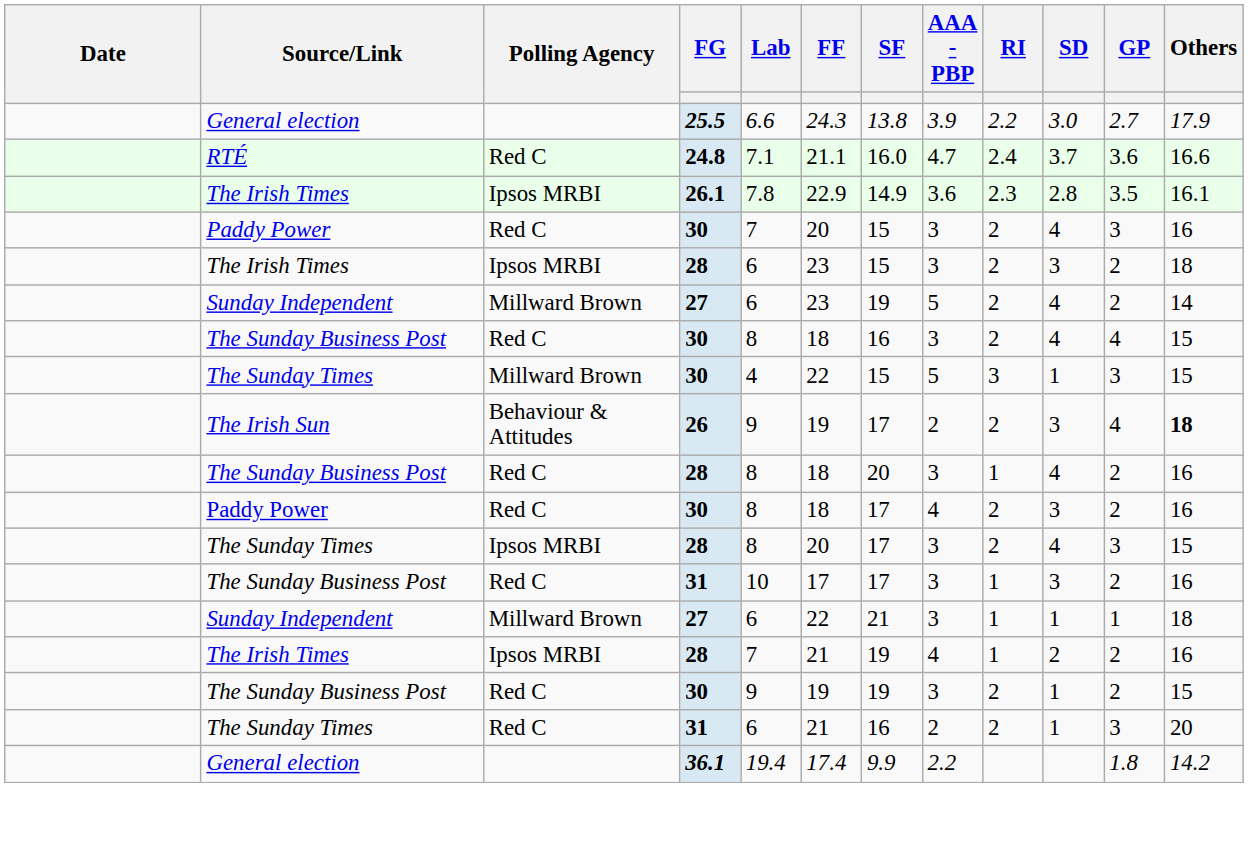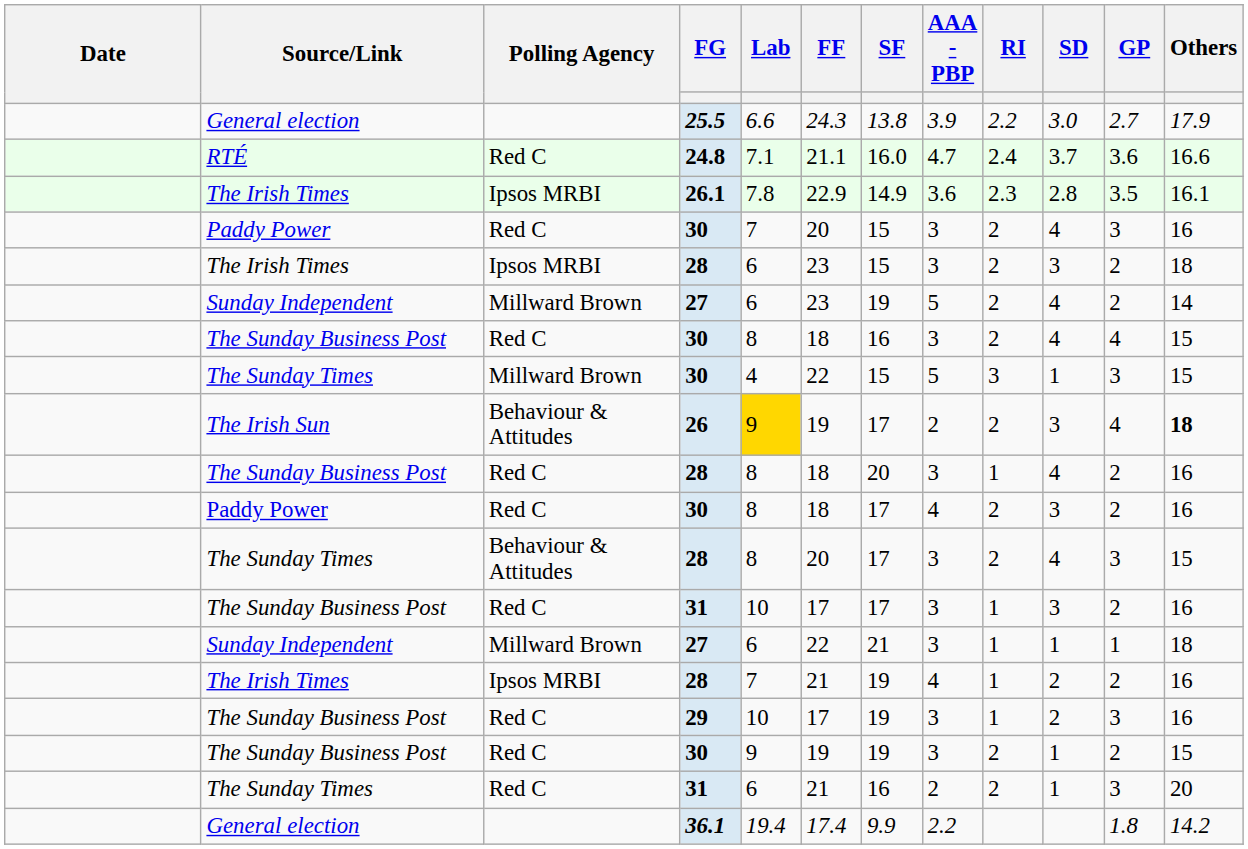 <table class="wikitable sortable collapsible">
 <tr style="height:42px;">
 <th style="width:130px;" rowspan="2">Date</th>
 <th style="width:190px;" rowspan="2">Source/Link</th>
 <th style="width:130px;" rowspan="2">Polling Agency</th>
 <th style="width:35px;"><a href='#'>FG</a></th>
 <th style="width:35px;"><a href='#'>Lab</a></th>
 <th style="width:35px;"><a href='#'>FF</a></th>
 <th style="width:35px;"><a href='#'>SF</a></th>
 <th style="width:35px;"><a href='#'>AAA -PBP</a></th>
 <th style="width:35px;"><a href='#'>RI</a></th>
 <th style="width:35px;"><a href='#'>SD</a></th>
 <th style="width:35px;"><a href='#'>GP</a></th>
 <th style="width:40px;">Others</th>
 </tr>
 <tr>
 <th style="color:inherit;background:"></th>
 <th style="color:inherit;background:"></th>
 <th style="color:inherit;background:"></th>
 <th style="color:inherit;background:"></th>
 <th style="color:inherit;background:"></th>
 <th style="color:inherit;background:"></th>
 <th style="color:inherit;background:"></th>
 <th style="color:inherit;background:"></th>
 <th style="color:inherit;background:"></th>
 </tr>
 <tr>
 <td><em></em></td>
 <td><em><a href='#'>General election</a></em></td>
 <td></td>
 <td style="background:#D9E9F4"><strong><em>25.5</em></strong></td>
 <td><em>6.6</em></td>
 <td><em>24.3</em></td>
 <td><em>13.8</em></td>
 <td><em>3.9</em></td>
 <td><em>2.2</em></td>
 <td><em>3.0</em></td>
 <td><em>2.7</em></td>
 <td><em>17.9</em></td>
 </tr>
 <tr style="background:#EAFFEA;">
 <td></td>
 <td><em><a href='#'>RTÉ</a></em></td>
 <td>Red C</td>
 <td style="background:#D9E9F4"><strong>24.8</strong></td>
 <td>7.1</td>
 <td>21.1</td>
 <td>16.0</td>
 <td>4.7</td>
 <td>2.4</td>
 <td>3.7</td>
 <td>3.6</td>
 <td>16.6</td>
 </tr>
 <tr style="background:#EAFFEA;">
 <td></td>
 <td><em><a href='#'>The Irish Times</a></em></td>
 <td>Ipsos MRBI</td>
 <td style="background:#D9E9F4"><strong>26.1</strong></td>
 <td>7.8</td>
 <td>22.9</td>
 <td>14.9</td>
 <td>3.6</td>
 <td>2.3</td>
 <td>2.8</td>
 <td>3.5</td>
 <td>16.1</td>
 </tr>
 <tr>
 <td></td>
 <td><em><a href='#'>Paddy Power</a></em></td>
 <td>Red C</td>
 <td style="background:#D9E9F4"><strong>30</strong></td>
 <td>7</td>
 <td>20</td>
 <td>15</td>
 <td>3</td>
 <td>2</td>
 <td>4</td>
 <td>3</td>
 <td>16</td>
 </tr>
 <tr>
 <td></td>
 <td><em>The Irish Times</em></td>
 <td>Ipsos MRBI</td>
 <td style="background:#D9E9F4"><strong>28</strong></td>
 <td>6</td>
 <td>23</td>
 <td>15</td>
 <td>3</td>
 <td>2</td>
 <td>3</td>
 <td>2</td>
 <td>18</td>
 </tr>
 <tr>
 <td></td>
 <td><em><a href='#'>Sunday Independent</a></em></td>
 <td>Millward Brown</td>
 <td style="background:#D9E9F4"><strong>27</strong></td>
 <td>6</td>
 <td>23</td>
 <td>19</td>
 <td>5</td>
 <td>2</td>
 <td>4</td>
 <td>2</td>
 <td>14</td>
 </tr>
 <tr>
 <td></td>
 <td><em><a href='#'>The Sunday Business Post</a></em></td>
 <td>Red C</td>
 <td style="background:#D9E9F4"><strong>30</strong></td>
 <td>8</td>
 <td>18</td>
 <td>16</td>
 <td>3</td>
 <td>2</td>
 <td>4</td>
 <td>4</td>
 <td>15</td>
 </tr>
 <tr>
 <td></td>
 <td><em><a href='#'>The Sunday Times</a></em></td>
 <td>Millward Brown</td>
 <td style="background:#D9E9F4"><strong>30</strong></td>
 <td>4</td>
 <td>22</td>
 <td>15</td>
 <td>5</td>
 <td>3</td>
 <td>1</td>
 <td>3</td>
 <td>15</td>
 </tr>
 <tr>
 <td></td>
 <td><em><a href='#'>The Irish Sun</a></em></td>
 <td>Behaviour & Attitudes</td>
 <td style="background:#D9E9F4"><strong>26</strong></td>
-<td>9</td>
+<td style="background: gold;">9</td>
 <td>19</td>
 <td>17</td>
 <td>2</td>
 <td>2</td>
 <td>3</td>
 <td>4</td>
 <td><strong>18</strong></td>
 </tr>
 <tr>
 <td></td>
 <td><em><a href='#'>The Sunday Business Post</a></em></td>
 <td>Red C</td>
 <td style="background:#D9E9F4"><strong>28</strong></td>
 <td>8</td>
 <td>18</td>
 <td>20</td>
 <td>3</td>
 <td>1</td>
 <td>4</td>
 <td>2</td>
 <td>16</td>
 </tr>
 <tr>
 <td></td>
 <td><a href='#'>Paddy Power</a></td>
 <td>Red C</td>
 <td style="background:#D9E9F4"><strong>30</strong></td>
 <td>8</td>
 <td>18</td>
 <td>17</td>
 <td>4</td>
 <td>2</td>
 <td>3</td>
 <td>2</td>
 <td>16</td>
 </tr>
 <tr>
 <td></td>
 <td><em>The Sunday Times</em></td>
-<td>Ipsos MRBI</td>
+<td>Behaviour & Attitudes</td>
 <td style="background:#D9E9F4"><strong>28</strong></td>
 <td>8</td>
 <td>20</td>
 <td>17</td>
 <td>3</td>
 <td>2</td>
 <td>4</td>
 <td>3</td>
 <td>15</td>
 </tr>
 <tr>
 <td></td>
 <td><em>The Sunday Business Post</em></td>
 <td>Red C</td>
 <td style="background:#D9E9F4"><strong>31</strong></td>
 <td>10</td>
 <td>17</td>
 <td>17</td>
 <td>3</td>
 <td>1</td>
 <td>3</td>
 <td>2</td>
 <td>16</td>
 </tr>
 <tr>
 <td></td>
 <td><em><a href='#'>Sunday Independent</a></em></td>
 <td>Millward Brown</td>
 <td style="background:#D9E9F4"><strong>27</strong></td>
 <td>6</td>
 <td>22</td>
 <td>21</td>
 <td>3</td>
 <td>1</td>
 <td>1</td>
 <td>1</td>
 <td>18</td>
 </tr>
 <tr>
 <td></td>
 <td><em><a href='#'>The Irish Times</a></em></td>
 <td>Ipsos MRBI</td>
 <td style="background:#D9E9F4"><strong>28</strong></td>
 <td>7</td>
 <td>21</td>
 <td>19</td>
 <td>4</td>
 <td>1</td>
 <td>2</td>
 <td>2</td>
 <td>16</td>
 </tr>
 <tr>
 <td></td>
 <td><em>The Sunday Business Post</em></td>
 <td>Red C</td>
+<td style="background:#D9E9F4"><strong>29</strong></td>
+<td>10</td>
+<td>17</td>
+<td>19</td>
+<td>3</td>
+<td>1</td>
+<td>2</td>
+<td>3</td>
+<td>16</td>
+</tr>
+<tr>
+<td></td>
+<td><em>The Sunday Business Post</em></td>
+<td>Red C</td>
 <td style="background:#D9E9F4"><strong>30</strong></td>
 <td>9</td>
 <td>19</td>
 <td>19</td>
 <td>3</td>
 <td>2</td>
 <td>1</td>
 <td>2</td>
 <td>15</td>
 </tr>
 <tr>
 <td></td>
 <td><em>The Sunday Times</em></td>
 <td>Red C</td>
 <td style="background:#D9E9F4"><strong>31</strong></td>
 <td>6</td>
 <td>21</td>
 <td>16</td>
 <td>2</td>
 <td>2</td>
 <td>1</td>
 <td>3</td>
 <td>20</td>
 </tr>
 <tr>
 <td><em></em></td>
 <td><em><a href='#'>General election</a></em></td>
 <td></td>
 <td style="background:#D9E9F4"><strong><em>36.1</em></strong></td>
 <td><em>19.4</em></td>
 <td><em>17.4</em></td>
 <td><em>9.9</em></td>
 <td><em>2.2</em></td>
 <td></td>
 <td></td>
 <td><em>1.8</em></td>
 <td><em>14.2</em></td>
 </tr>
 </table>
